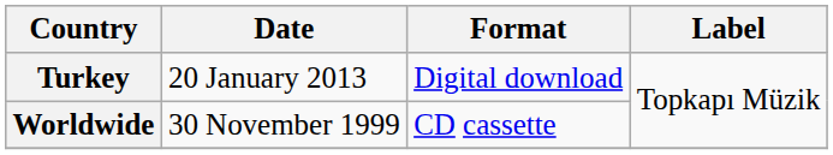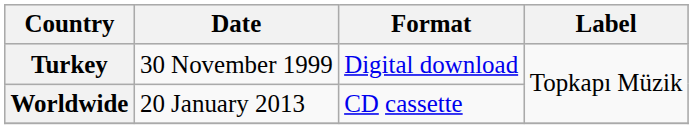 <table class="wikitable plainrowheaders">
 <tr>
 <th scope="col">Country</th>
 <th scope="col">Date</th>
 <th scope="col">Format</th>
 <th scope="col">Label</th>
 </tr>
 <tr>
 <th scope="row">Turkey</th>
-<td>20 January 2013</td>
+<td>30 November 1999</td>
 <td><a href='#'>Digital download</a></td>
 <td rowspan="2">Topkapı Müzik</td>
 </tr>
 <tr>
 <th scope="row">Worldwide</th>
-<td>30 November 1999</td>
+<td>20 January 2013</td>
 <td><a href='#'>CD</a> <a href='#'>cassette</a></td>
 </tr>
 <tr>
 </tr>
 </table>
